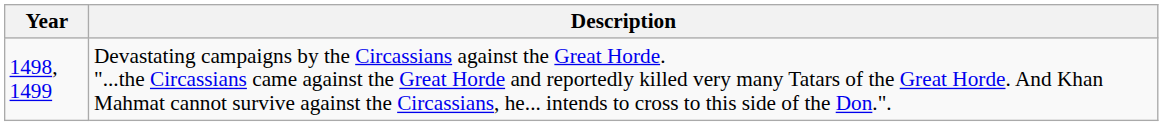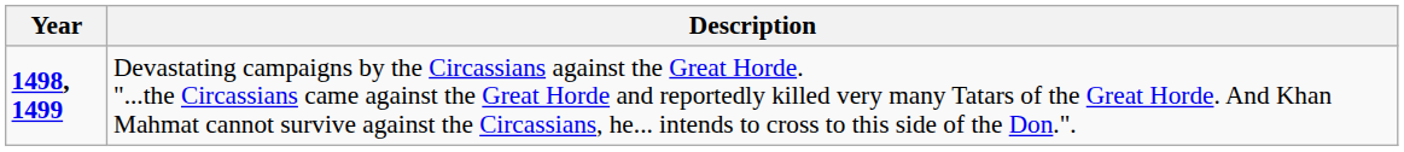 <table class="wikitable">
 <tr>
 <th>Year</th>
 <th>Description</th>
 </tr>
 <tr>
-<td><a href='#'>1498</a>, <a href='#'>1499</a></td>
+<td><strong><a href='#'>1498</a>, <a href='#'>1499</a></strong></td>
 <td>Devastating campaigns by the <a href='#'>Circassians</a> against the <a href='#'>Great Horde</a>.<br>"...the <a href='#'>Circassians</a> came against the <a href='#'>Great Horde</a> and reportedly killed very many Tatars of the <a href='#'>Great Horde</a>. And Khan Mahmat cannot survive against the <a href='#'>Circassians</a>, he... intends to cross to this side of the <a href='#'>Don</a>.".</td>
 </tr>
 </table>
